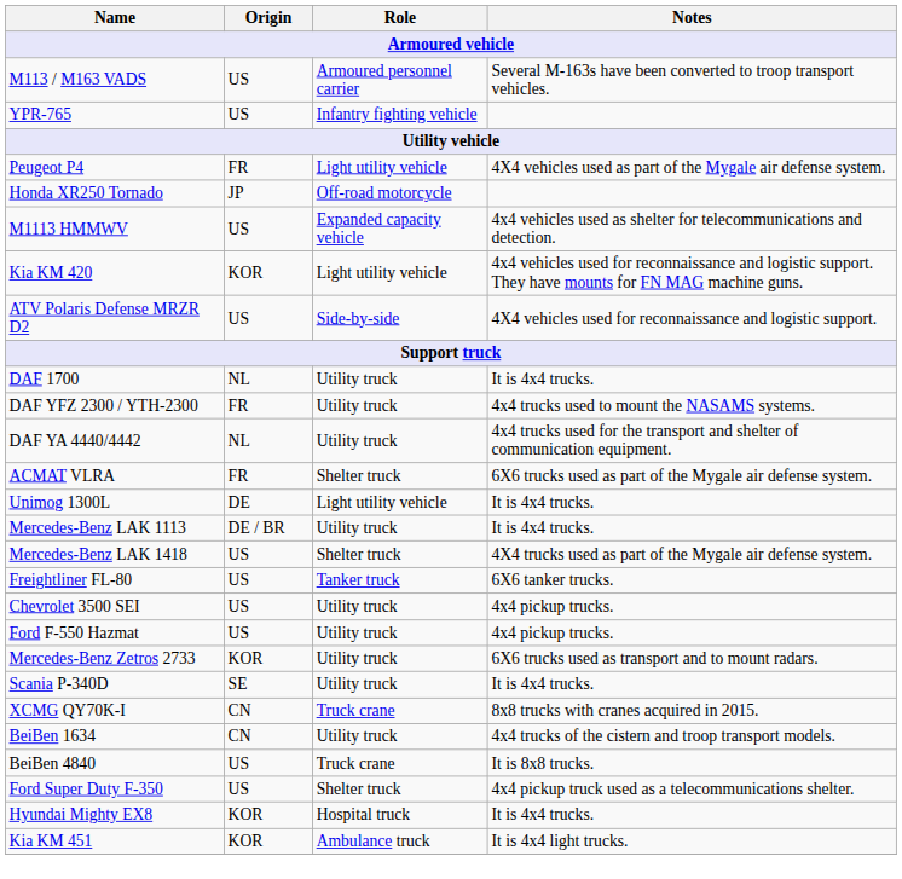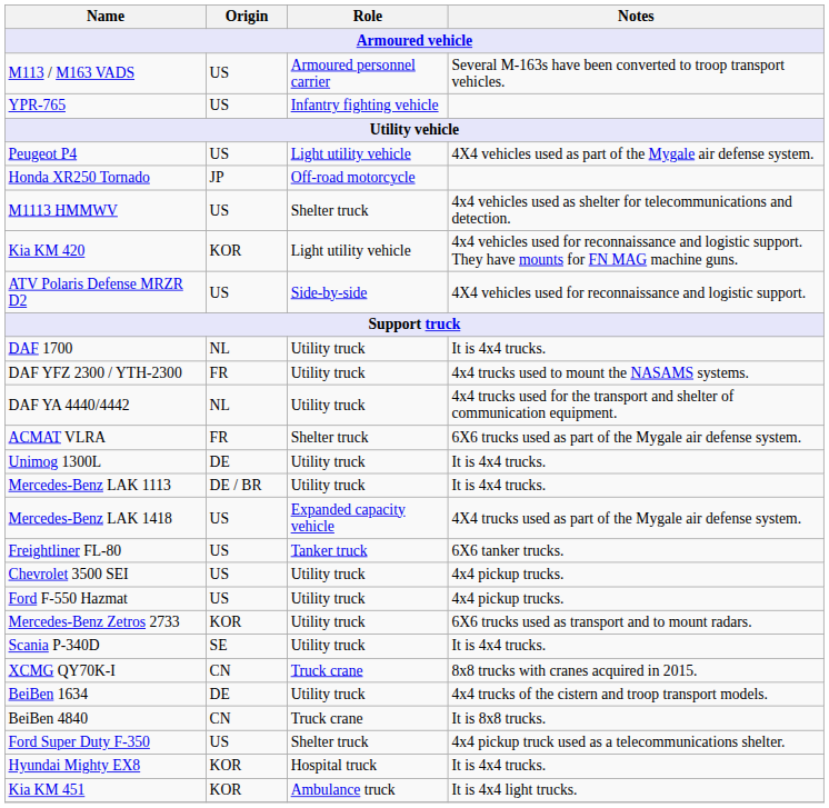 <table class="wikitable">
 <tr>
 <th width="15%">Name</th>
 <th width="6%">Origin</th>
 <th width="12%">Role</th>
 <th width="28%">Notes</th>
 </tr>
 <tr>
 <th style="align: center; background: lavender;" colspan="7"><a href='#'>Armoured vehicle</a></th>
 </tr>
 <tr>
 <td><a href='#'>M113</a> / <a href='#'>M163 VADS</a></td>
 <td> US</td>
 <td><a href='#'>Armoured personnel carrier</a></td>
 <td>Several M-163s have been converted to troop transport vehicles.</td>
 </tr>
 <tr>
 <td><a href='#'>YPR-765</a></td>
 <td> US</td>
 <td><a href='#'>Infantry fighting vehicle</a></td>
 <td></td>
 </tr>
 <tr>
 <th style="align: center; background: lavender;" colspan="7">Utility vehicle</th>
 </tr>
 <tr>
 <td><a href='#'>Peugeot P4</a></td>
-<td> FR</td>
+<td> US</td>
 <td><a href='#'>Light utility vehicle</a></td>
 <td>4X4 vehicles used as part of the <a href='#'>Mygale</a> air defense system.</td>
 </tr>
 <tr>
 <td><a href='#'>Honda XR250 Tornado</a></td>
 <td> JP</td>
 <td><a href='#'>Off-road motorcycle</a></td>
 <td></td>
 </tr>
 <tr>
 <td><a href='#'>M1113 HMMWV</a></td>
 <td> US</td>
-<td><a href='#'>Expanded capacity vehicle</a></td>
+<td>Shelter truck</td>
 <td>4x4 vehicles used as shelter for telecommunications and detection.</td>
 </tr>
 <tr>
 <td><a href='#'>Kia KM 420</a></td>
 <td> KOR</td>
 <td>Light utility vehicle</td>
 <td>4x4 vehicles used for reconnaissance and logistic support. They have <a href='#'>mounts</a> for <a href='#'>FN MAG</a> machine guns.</td>
 </tr>
 <tr>
 <td><a href='#'>ATV Polaris Defense MRZR D2</a></td>
 <td> US</td>
 <td><a href='#'>Side-by-side</a></td>
 <td>4X4 vehicles used for reconnaissance and logistic support.</td>
 </tr>
 <tr>
 <th style="align: center; background: lavender;" colspan="7">Support <a href='#'>truck</a></th>
 </tr>
 <tr>
 <td><a href='#'>DAF</a> 1700</td>
 <td> NL</td>
 <td>Utility truck</td>
 <td>It is 4x4 trucks.</td>
 </tr>
 <tr>
 <td>DAF YFZ 2300 / YTH-2300</td>
 <td> FR</td>
 <td>Utility truck</td>
 <td>4x4 trucks used to mount the <a href='#'>NASAMS</a> systems.</td>
 </tr>
 <tr>
 <td>DAF YA 4440/4442</td>
 <td> NL</td>
 <td>Utility truck</td>
 <td>4x4 trucks used for the transport and shelter of communication equipment.</td>
 </tr>
 <tr>
 <td><a href='#'>ACMAT</a> VLRA</td>
 <td> FR</td>
 <td>Shelter truck</td>
 <td>6X6 trucks used as part of the Mygale air defense system.</td>
 </tr>
 <tr>
 <td><a href='#'>Unimog</a> 1300L</td>
 <td> DE</td>
-<td>Light utility vehicle</td>
+<td>Utility truck</td>
 <td>It is 4x4 trucks.</td>
 </tr>
 <tr>
 <td><a href='#'>Mercedes-Benz</a> LAK 1113</td>
 <td> DE /  BR</td>
 <td>Utility truck</td>
 <td>It is 4x4 trucks.</td>
 </tr>
 <tr>
 <td><a href='#'>Mercedes-Benz</a> LAK 1418</td>
 <td> US</td>
-<td>Shelter truck</td>
+<td><a href='#'>Expanded capacity vehicle</a></td>
 <td>4X4 trucks used as part of the Mygale air defense system.</td>
 </tr>
 <tr>
 <td><a href='#'>Freightliner</a> FL-80</td>
 <td> US</td>
 <td><a href='#'>Tanker truck</a></td>
 <td>6X6 tanker trucks.</td>
 </tr>
 <tr>
 <td><a href='#'>Chevrolet</a> 3500 SEI</td>
 <td> US</td>
 <td>Utility truck</td>
 <td>4x4 pickup trucks.</td>
 </tr>
 <tr>
 <td><a href='#'>Ford</a> F-550 Hazmat</td>
 <td> US</td>
 <td>Utility truck</td>
 <td>4x4 pickup trucks.</td>
 </tr>
 <tr>
 <td><a href='#'>Mercedes-Benz Zetros</a> 2733</td>
 <td> KOR</td>
 <td>Utility truck</td>
 <td>6X6 trucks used as transport and to mount radars.</td>
 </tr>
 <tr>
 <td><a href='#'>Scania</a> P-340D</td>
 <td> SE</td>
 <td>Utility truck</td>
 <td>It is 4x4 trucks.</td>
 </tr>
 <tr>
 <td><a href='#'>XCMG</a> QY70K-I</td>
 <td> CN</td>
 <td><a href='#'>Truck crane</a></td>
 <td>8x8 trucks with cranes acquired in 2015.</td>
 </tr>
 <tr>
 <td><a href='#'>BeiBen</a> 1634</td>
-<td> CN</td>
+<td> DE</td>
 <td>Utility truck</td>
 <td>4x4 trucks of the cistern and troop transport models.</td>
 </tr>
 <tr>
 <td>BeiBen 4840</td>
-<td> US</td>
+<td> CN</td>
 <td>Truck crane</td>
 <td>It is 8x8 trucks.</td>
 </tr>
 <tr>
 <td><a href='#'>Ford Super Duty F-350</a></td>
 <td> US</td>
 <td>Shelter truck</td>
 <td>4x4 pickup truck used as a telecommunications shelter.</td>
 </tr>
 <tr>
 <td><a href='#'>Hyundai Mighty EX8</a></td>
 <td> KOR</td>
 <td>Hospital truck</td>
 <td>It is 4x4 trucks.</td>
 </tr>
 <tr>
 <td><a href='#'>Kia KM 451</a></td>
 <td> KOR</td>
 <td><a href='#'>Ambulance</a> truck</td>
 <td>It is 4x4 light trucks.</td>
 </tr>
 <tr>
 </tr>
 </table>
